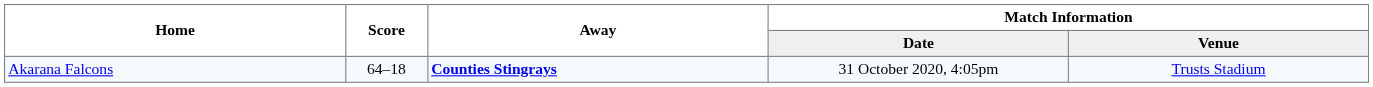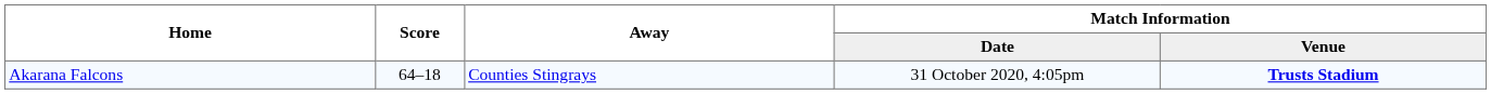 <table width="100%" cellspacing="0" cellpadding="3" border="1" style="border-collapse:collapse; font-size:90%; text-align:center;">
 <tr>
 <th rowspan="2" width="25%">Home</th>
 <th rowspan="2" width="6%">Score</th>
 <th rowspan="2" width="25%">Away</th>
 <th colspan="6">Match Information</th>
 </tr>
 <tr bgcolor="#EFEFEF">
 <th width="22%">Date</th>
 <th width="22%">Venue</th>
 </tr>
 <tr bgcolor="#F5FAFF">
 <td align="left"><a href='#'>Akarana Falcons</a></td>
 <td>64–18</td>
-<td align="left"><strong><a href='#'>Counties Stingrays</a></strong></td>
+<td align="left"><a href='#'>Counties Stingrays</a></td>
 <td>31 October 2020, 4:05pm</td>
-<td><a href='#'>Trusts Stadium</a></td>
+<td><strong><a href='#'>Trusts Stadium</a></strong></td>
 </tr>
 </table>
